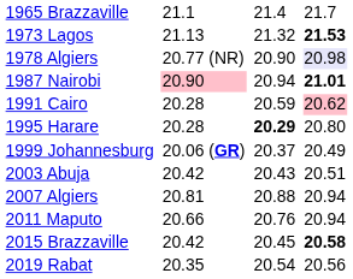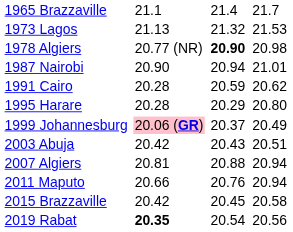 <table>
 <tr>
 <td><a href='#'>1965 Brazzaville</a></td>
 <td></td>
 <td>21.1</td>
 <td></td>
 <td>21.4</td>
 <td></td>
 <td>21.7</td>
 </tr>
 <tr>
 <td><a href='#'>1973 Lagos</a></td>
 <td></td>
 <td>21.13</td>
 <td></td>
 <td>21.32</td>
 <td></td>
-<td><strong>21.53</strong></td>
+<td>21.53</td>
 </tr>
 <tr>
 <td><a href='#'>1978 Algiers</a></td>
 <td></td>
 <td>20.77 (NR)</td>
 <td></td>
-<td>20.90</td>
+<td><strong>20.90</strong></td>
 <td></td>
-<td style="background: lavender;">20.98</td>
+<td>20.98</td>
 </tr>
 <tr>
 <td><a href='#'>1987 Nairobi</a></td>
 <td></td>
-<td style="background: pink;">20.90</td>
+<td>20.90</td>
 <td></td>
 <td>20.94</td>
 <td></td>
-<td><strong>21.01</strong></td>
+<td>21.01</td>
 </tr>
 <tr>
 <td><a href='#'>1991 Cairo</a></td>
 <td></td>
 <td>20.28</td>
 <td></td>
 <td>20.59</td>
 <td></td>
-<td style="background: pink;">20.62</td>
+<td>20.62</td>
 </tr>
 <tr>
 <td><a href='#'>1995 Harare</a></td>
 <td></td>
 <td>20.28</td>
 <td></td>
-<td><strong>20.29</strong></td>
+<td>20.29</td>
 <td></td>
 <td>20.80</td>
 </tr>
 <tr>
 <td><a href='#'>1999 Johannesburg</a></td>
 <td></td>
-<td>20.06 (<strong><a href='#'>GR</a></strong>)</td>
+<td style="background: pink;">20.06 (<strong><a href='#'>GR</a></strong>)</td>
 <td></td>
 <td>20.37</td>
 <td></td>
 <td>20.49</td>
 </tr>
 <tr>
 <td><a href='#'>2003 Abuja</a> </td>
 <td></td>
 <td>20.42</td>
 <td></td>
 <td>20.43</td>
 <td></td>
 <td>20.51</td>
 </tr>
 <tr>
 <td><a href='#'>2007 Algiers</a> </td>
 <td></td>
 <td>20.81</td>
 <td></td>
 <td>20.88</td>
 <td></td>
 <td>20.94</td>
 </tr>
 <tr>
 <td><a href='#'>2011 Maputo</a> </td>
 <td></td>
 <td>20.66</td>
 <td></td>
 <td>20.76</td>
 <td></td>
 <td>20.94</td>
 </tr>
 <tr>
 <td><a href='#'>2015 Brazzaville</a></td>
 <td></td>
 <td>20.42</td>
 <td></td>
 <td>20.45</td>
 <td></td>
-<td><strong>20.58</strong></td>
+<td>20.58</td>
 </tr>
 <tr>
 <td><a href='#'>2019 Rabat</a></td>
 <td></td>
-<td>20.35</td>
+<td><strong>20.35</strong></td>
 <td></td>
 <td>20.54</td>
 <td></td>
 <td>20.56</td>
 </tr>
 </table>
